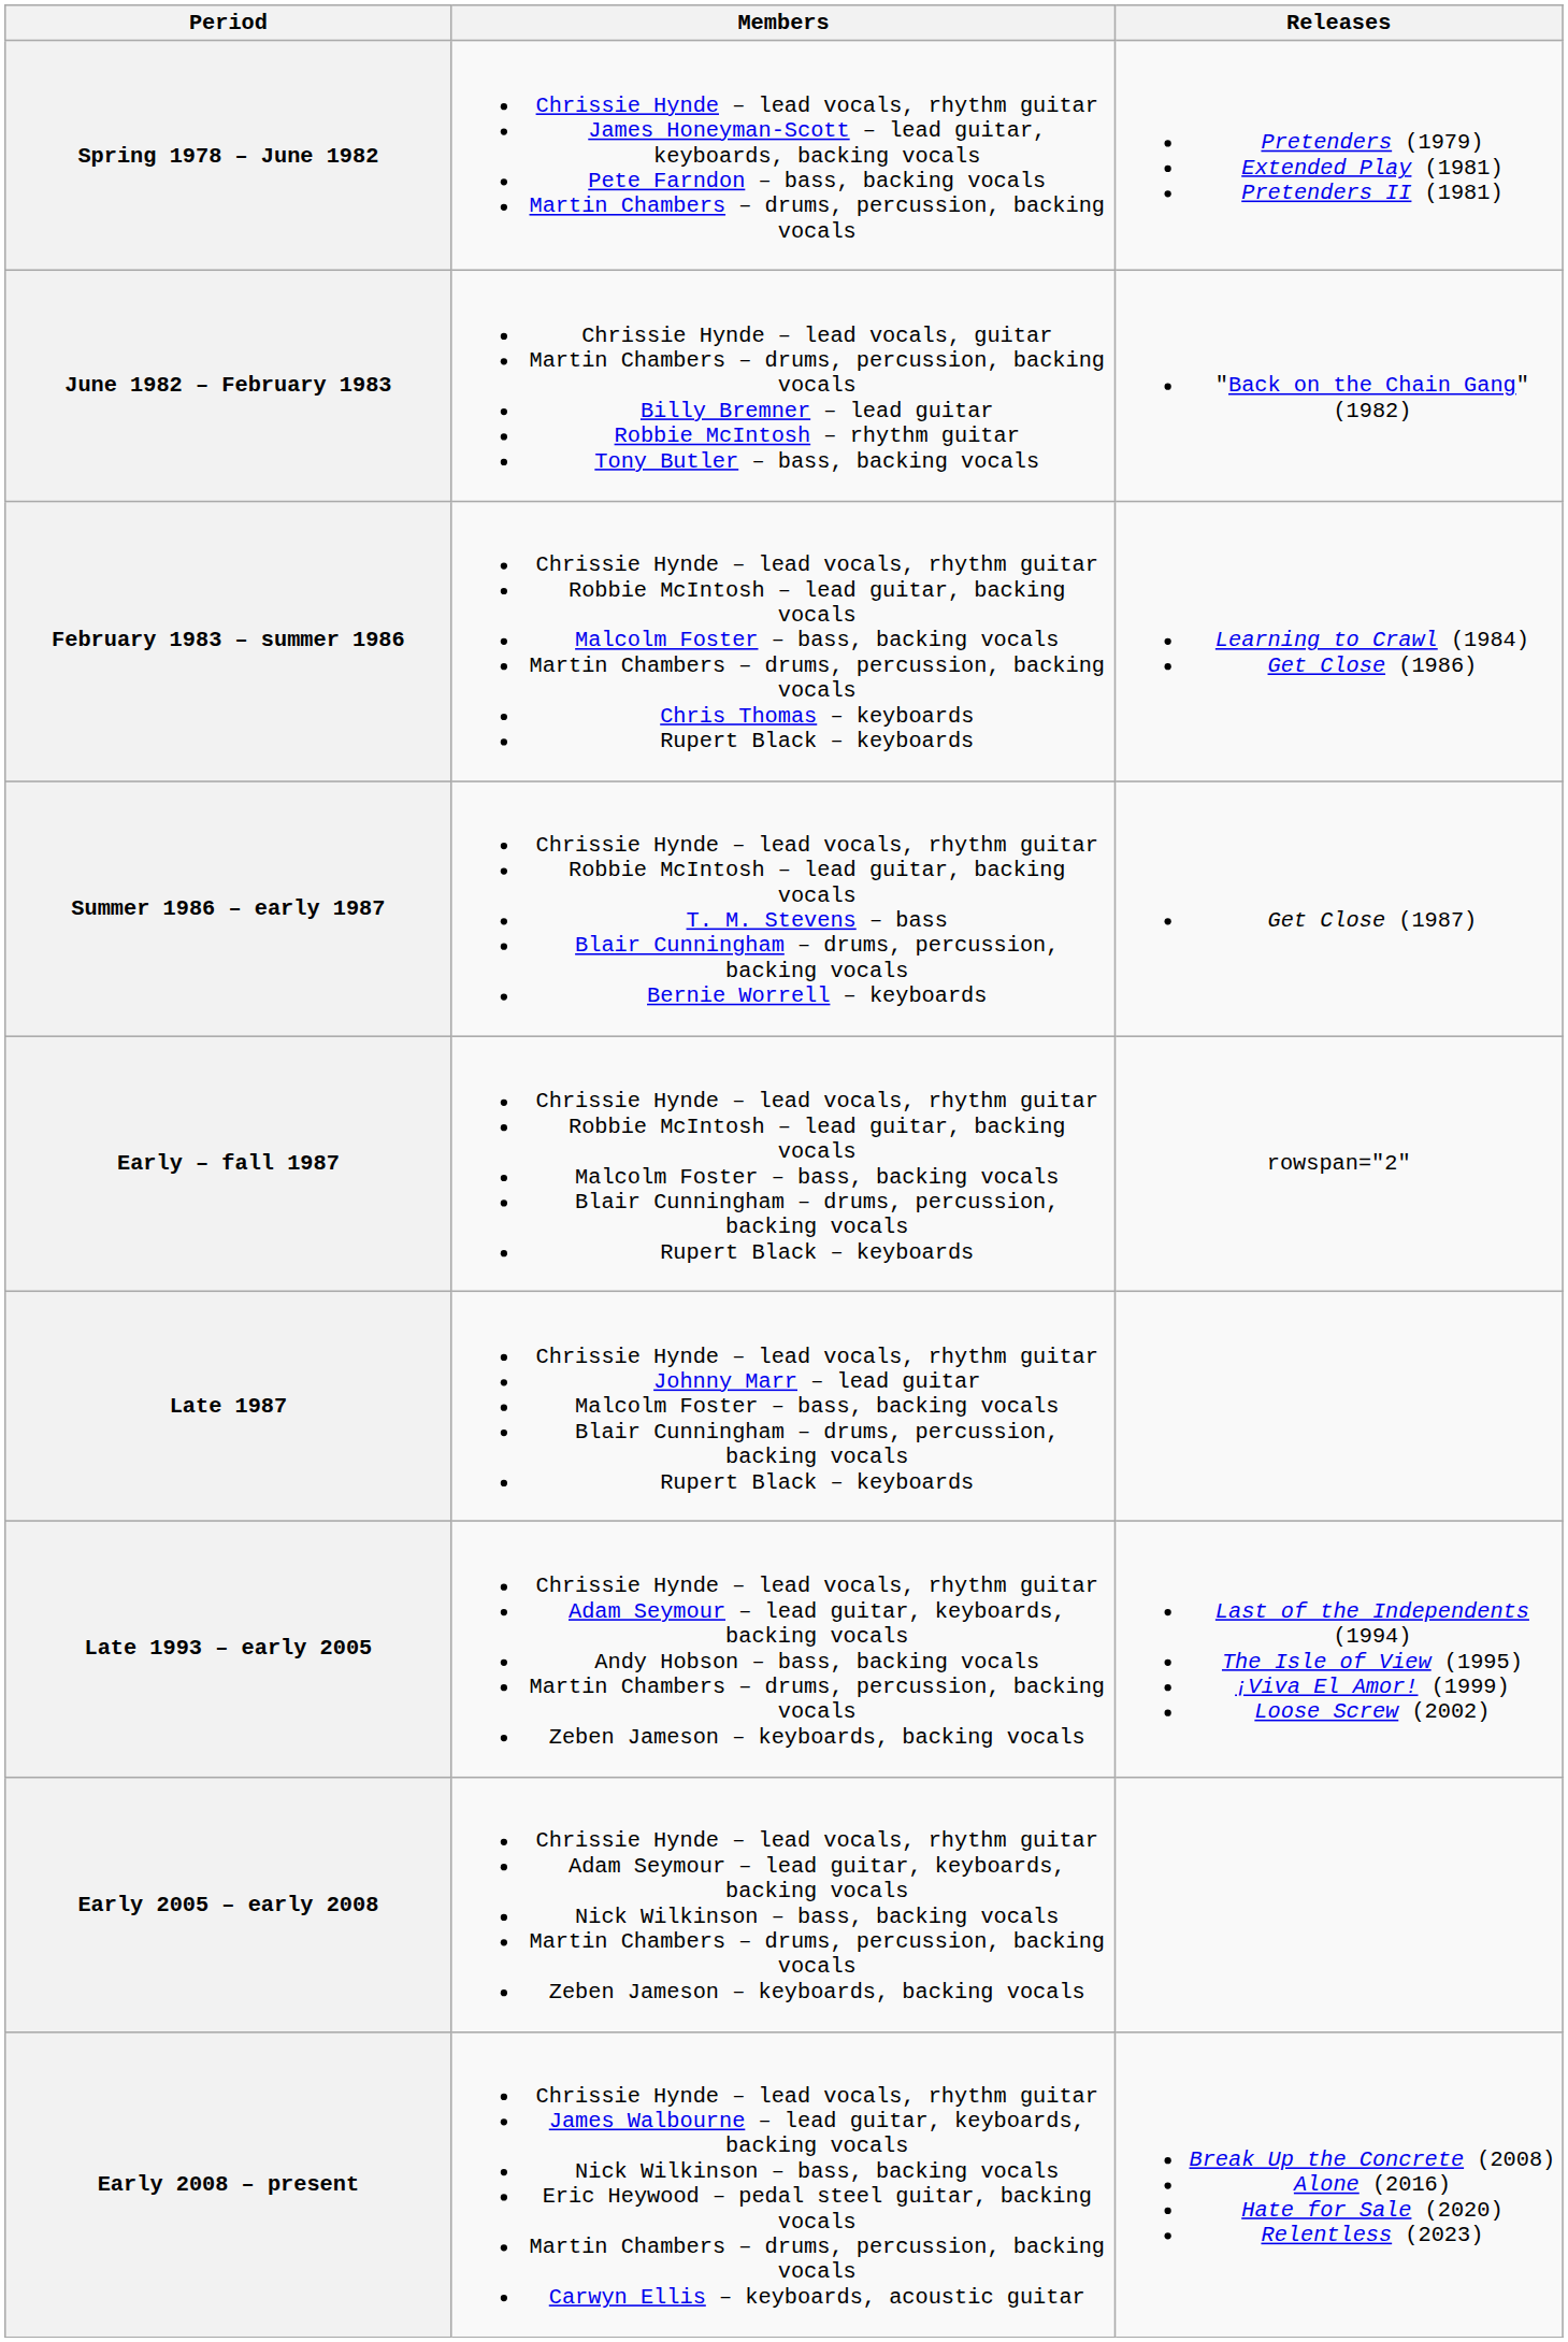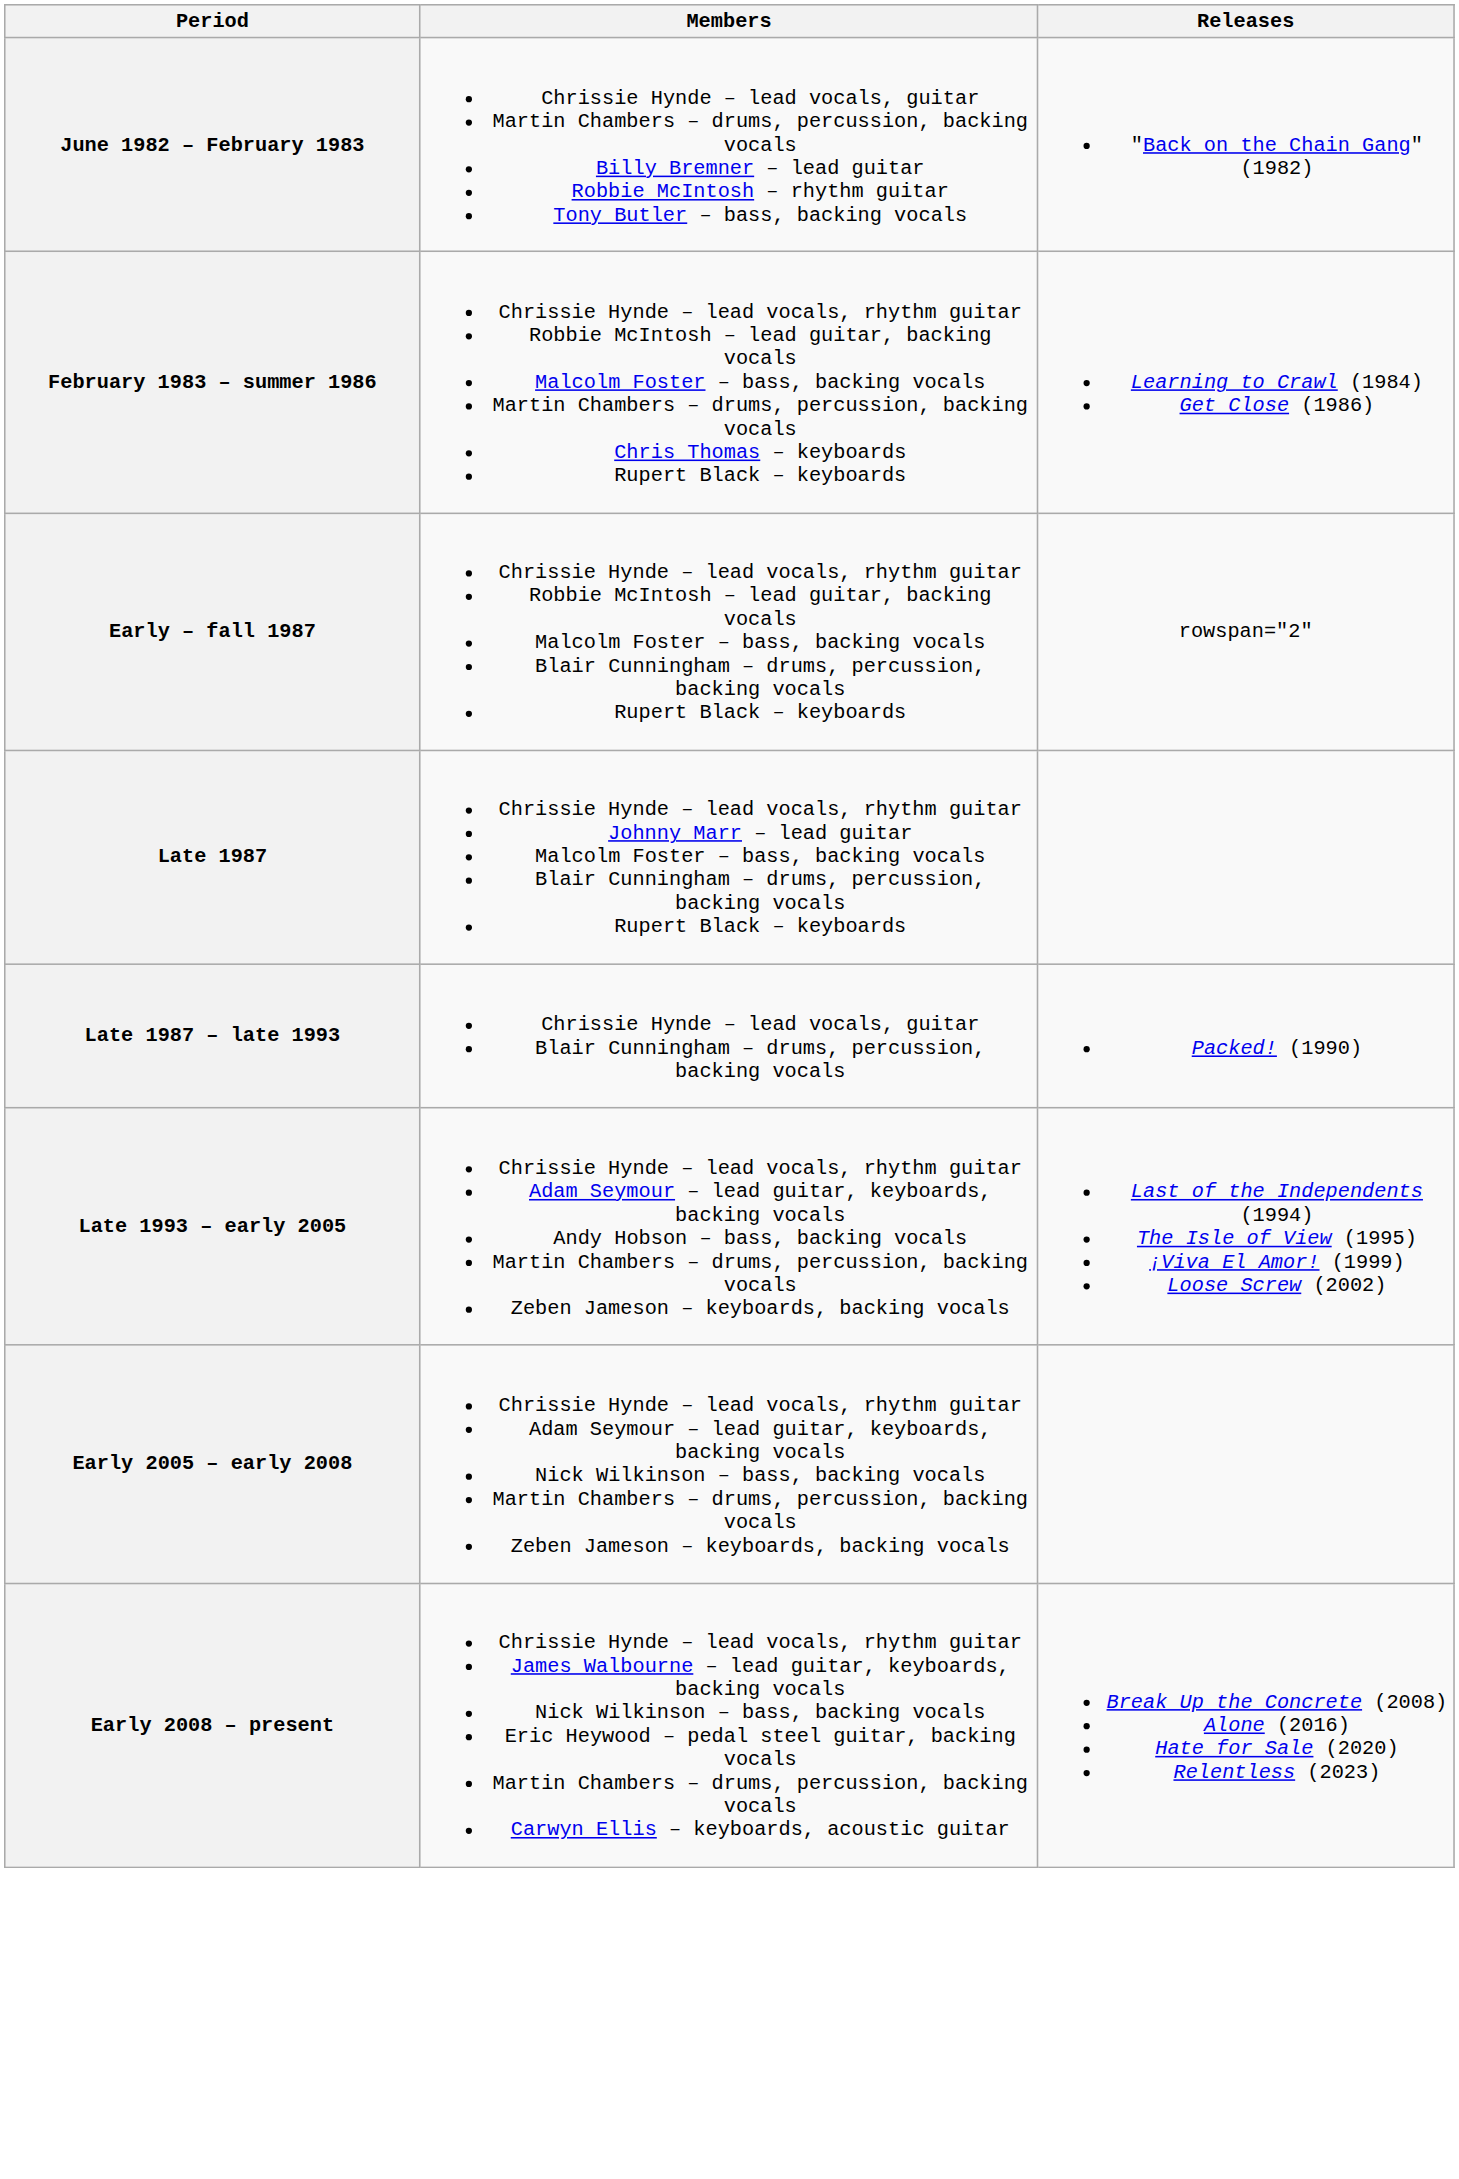 <table class="wikitable plainrowheaders" style="text-align:center;">
 <tr>
 <th scope="col" style="width:20em;">Period</th>
 <th scope="col" style="width:30em;">Members</th>
 <th scope="col" style="width:20em;">Releases</th>
-</tr>
-<tr>
-<th scope="col">Spring 1978 – June 1982</th>
-<td><br><ul><li><a href='#'>Chrissie Hynde</a> – lead vocals, rhythm guitar</li><li><a href='#'>James Honeyman-Scott</a> – lead guitar, keyboards, backing vocals</li><li><a href='#'>Pete Farndon</a> – bass, backing vocals</li><li><a href='#'>Martin Chambers</a> – drums, percussion, backing vocals</li></ul></td>
-<td><br><ul><li><em><a href='#'>Pretenders</a></em> (1979)</li><li><em><a href='#'>Extended Play</a></em> (1981)</li><li><em><a href='#'>Pretenders II</a></em> (1981)</li></ul></td>
 </tr>
 <tr>
 <th scope="col">June 1982 – February 1983</th>
 <td><br><ul><li>Chrissie Hynde – lead vocals, guitar</li><li>Martin Chambers – drums, percussion, backing vocals</li><li><a href='#'>Billy Bremner</a> – lead guitar </li><li><a href='#'>Robbie McIntosh</a> – rhythm guitar </li><li><a href='#'>Tony Butler</a> – bass, backing vocals </li></ul></td>
 <td><br><ul><li>"<a href='#'>Back on the Chain Gang</a>" (1982)</li></ul></td>
 </tr>
 <tr>
 <th scope="col">February 1983 – summer 1986</th>
 <td><br><ul><li>Chrissie Hynde – lead vocals, rhythm guitar</li><li>Robbie McIntosh – lead guitar, backing vocals</li><li><a href='#'>Malcolm Foster</a> – bass, backing vocals</li><li>Martin Chambers – drums, percussion, backing vocals</li><li><a href='#'>Chris Thomas</a> – keyboards </li><li>Rupert Black – keyboards </li></ul></td>
 <td><br><ul><li><em><a href='#'>Learning to Crawl</a></em> (1984)</li><li><em><a href='#'>Get Close</a></em> (1986) </li></ul></td>
 </tr>
 <tr>
-<th scope="col">Summer 1986 – early 1987</th>
-<td><br><ul><li>Chrissie Hynde – lead vocals, rhythm guitar</li><li>Robbie McIntosh – lead guitar, backing vocals</li><li><a href='#'>T. M. Stevens</a> – bass</li><li><a href='#'>Blair Cunningham</a> – drums, percussion, backing vocals</li><li><a href='#'>Bernie Worrell</a> – keyboards </li></ul></td>
-<td><br><ul><li><em>Get Close</em> (1987) </li></ul></td>
-</tr>
-<tr>
 <th scope="col">Early – fall 1987</th>
 <td><br><ul><li>Chrissie Hynde – lead vocals, rhythm guitar</li><li>Robbie McIntosh – lead guitar, backing vocals</li><li>Malcolm Foster – bass, backing vocals</li><li>Blair Cunningham – drums, percussion, backing vocals</li><li>Rupert Black – keyboards </li></ul></td>
 <td>rowspan="2" </td>
 </tr>
 <tr>
 <th scope="col">Late 1987</th>
 <td><br><ul><li>Chrissie Hynde – lead vocals, rhythm guitar</li><li><a href='#'>Johnny Marr</a> – lead guitar</li><li>Malcolm Foster – bass, backing vocals</li><li>Blair Cunningham – drums, percussion, backing vocals</li><li>Rupert Black – keyboards </li></ul></td>
+</tr>
+<tr>
+<th scope="col">Late 1987 – late 1993</th>
+<td><br><ul><li>Chrissie Hynde – lead vocals, guitar</li><li>Blair Cunningham – drums, percussion, backing vocals</li></ul></td>
+<td><br><ul><li><em><a href='#'>Packed!</a></em> (1990)</li></ul></td>
 </tr>
 <tr>
 <th scope="col">Late 1993 – early 2005</th>
 <td><br><ul><li>Chrissie Hynde – lead vocals, rhythm guitar</li><li><a href='#'>Adam Seymour</a> – lead guitar, keyboards, backing vocals</li><li>Andy Hobson – bass, backing vocals</li><li>Martin Chambers – drums, percussion, backing vocals</li><li>Zeben Jameson – keyboards, backing vocals </li></ul></td>
 <td><br><ul><li><em><a href='#'>Last of the Independents</a></em> (1994)</li><li><em><a href='#'>The Isle of View</a></em> (1995)</li><li><em><a href='#'>¡Viva El Amor!</a></em> (1999)</li><li><em><a href='#'>Loose Screw</a></em> (2002)</li></ul></td>
 </tr>
 <tr>
 <th scope="col">Early 2005 – early 2008</th>
 <td><br><ul><li>Chrissie Hynde – lead vocals, rhythm guitar</li><li>Adam Seymour – lead guitar, keyboards, backing vocals</li><li>Nick Wilkinson – bass, backing vocals</li><li>Martin Chambers – drums, percussion, backing vocals</li><li>Zeben Jameson – keyboards, backing vocals </li></ul></td>
 <td></td>
 </tr>
 <tr>
 <th scope="col">Early 2008 – present</th>
 <td><br><ul><li>Chrissie Hynde – lead vocals, rhythm guitar</li><li><a href='#'>James Walbourne</a> – lead guitar, keyboards, backing vocals</li><li>Nick Wilkinson – bass, backing vocals</li><li>Eric Heywood – pedal steel guitar, backing vocals</li><li>Martin Chambers – drums, percussion, backing vocals</li><li><a href='#'>Carwyn Ellis</a> – keyboards, acoustic guitar </li></ul></td>
 <td><br><ul><li><em><a href='#'>Break Up the Concrete</a></em> (2008)</li><li><em><a href='#'>Alone</a></em> (2016)</li><li><em><a href='#'>Hate for Sale</a></em> (2020)</li><li><em><a href='#'>Relentless</a></em> (2023)</li></ul></td>
 </tr>
 </table>
